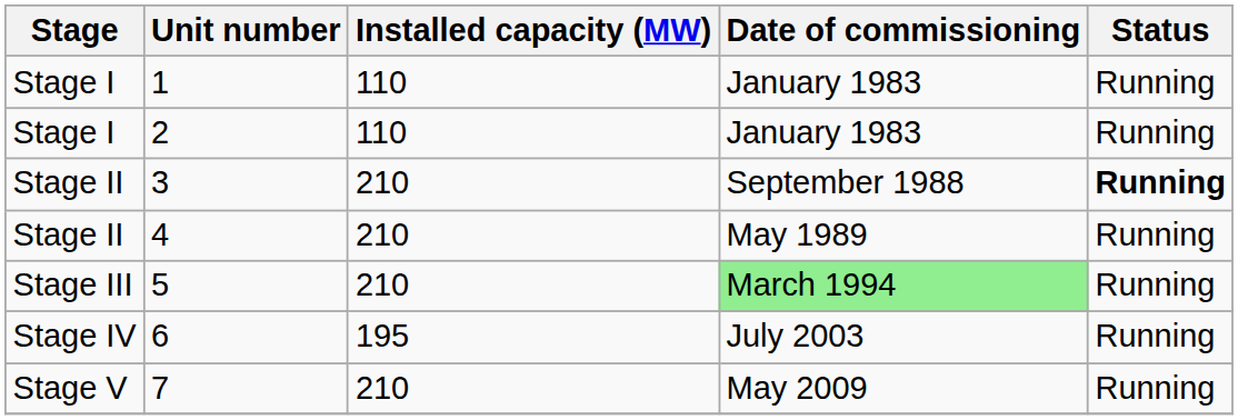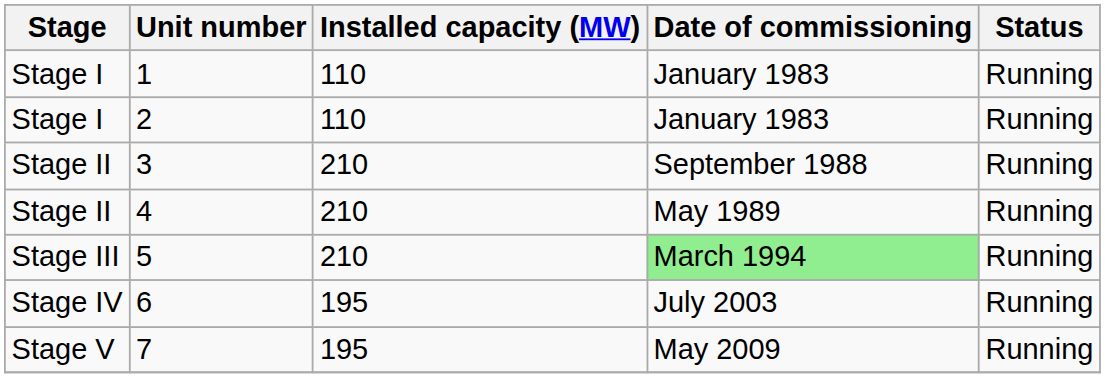 <table class="sortable wikitable">
 <tr>
 <th>Stage</th>
 <th>Unit number</th>
 <th>Installed capacity (<a href='#'>MW</a>)</th>
 <th>Date of commissioning</th>
 <th>Status</th>
 </tr>
 <tr>
 <td>Stage I</td>
 <td>1</td>
 <td>110</td>
 <td>January 1983</td>
 <td>Running</td>
 </tr>
 <tr>
 <td>Stage I</td>
 <td>2</td>
 <td>110</td>
 <td>January 1983</td>
 <td>Running</td>
 </tr>
 <tr>
 <td>Stage II</td>
 <td>3</td>
 <td>210</td>
 <td>September 1988</td>
-<td><strong>Running</strong></td>
+<td>Running</td>
 </tr>
 <tr>
 <td>Stage II</td>
 <td>4</td>
 <td>210</td>
 <td>May 1989</td>
 <td>Running</td>
 </tr>
 <tr>
 <td>Stage III</td>
 <td>5</td>
 <td>210</td>
 <td style="background: lightgreen;">March 1994</td>
 <td>Running</td>
 </tr>
 <tr>
 <td>Stage IV</td>
 <td>6</td>
 <td>195</td>
 <td>July 2003</td>
 <td>Running</td>
 </tr>
 <tr>
 <td>Stage V</td>
 <td>7</td>
-<td>210</td>
+<td>195</td>
 <td>May 2009</td>
 <td>Running</td>
 </tr>
 <tr>
 </tr>
 </table>
